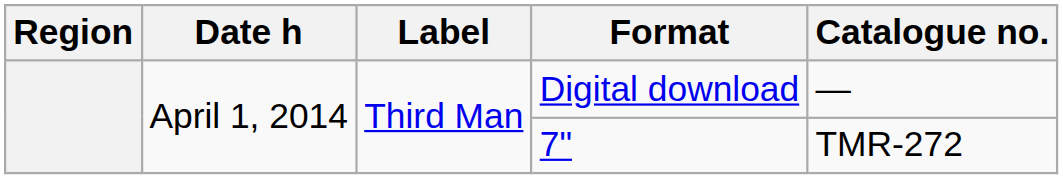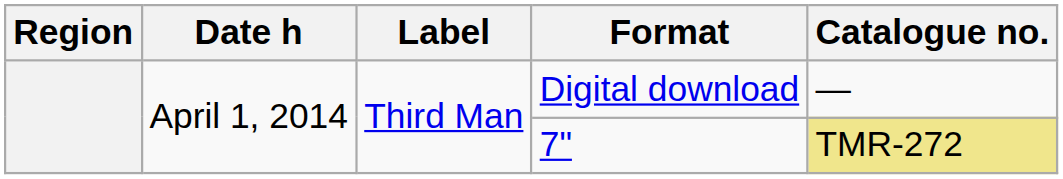 <table class="wikitable plainrowheaders">
 <tr>
 <th scope="col">Region</th>
 <th scope="col">Date h</th>
 <th scope="col">Label</th>
 <th scope="col">Format</th>
 <th scope="col">Catalogue no.</th>
 </tr>
 <tr>
 <th scope="row" rowspan="2"></th>
 <td rowspan="2">April 1, 2014</td>
 <td rowspan="2"><a href='#'>Third Man</a></td>
 <td><a href='#'>Digital download</a></td>
 <td>—</td>
 </tr>
 <tr>
 <td><a href='#'>7"</a></td>
-<td>TMR-272</td>
+<td style="background: khaki;">TMR-272</td>
 </tr>
 </table>
